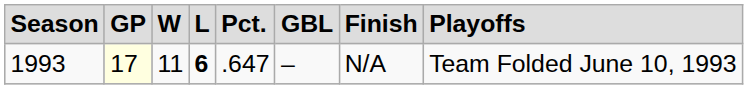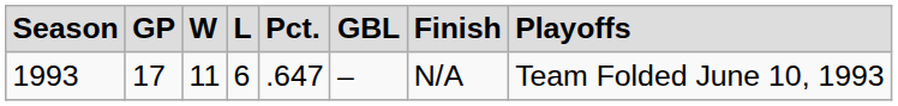 <table class="wikitable">
 <tr style="font-weight:bold; background:#ddd;" |>
 <td>Season</td>
 <td>GP</td>
 <td>W</td>
 <td>L</td>
 <td>Pct.</td>
 <td>GBL</td>
 <td>Finish</td>
 <td>Playoffs</td>
 </tr>
 <tr>
 <td>1993</td>
-<td style="background: lightyellow;">17</td>
+<td>17</td>
 <td>11</td>
-<td><strong>6</strong></td>
+<td>6</td>
 <td>.647</td>
 <td>–</td>
 <td>N/A</td>
 <td>Team Folded June 10, 1993</td>
 </tr>
 </table>
